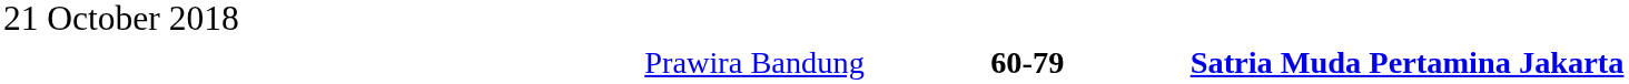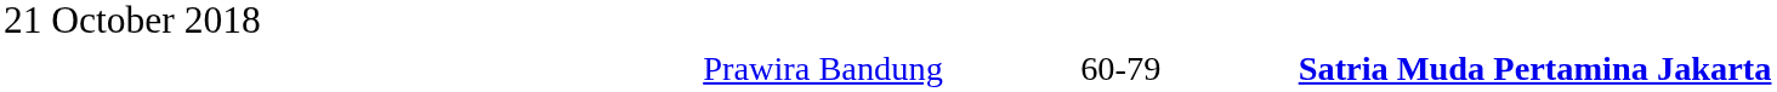 <table cellspacing="1" style="width:100%;">
 <tr>
 <td>21 October 2018</td>
 </tr>
 <tr style="font-size:90%">
 <td align="right"><a href='#'>Prawira Bandung</a></td>
 <td></td>
-<td align="center"><strong>60-79</strong></td>
+<td align="center">60-79</td>
 <td></td>
 <td><strong><a href='#'>Satria Muda Pertamina Jakarta</a></strong></td>
 </tr>
 </table>
